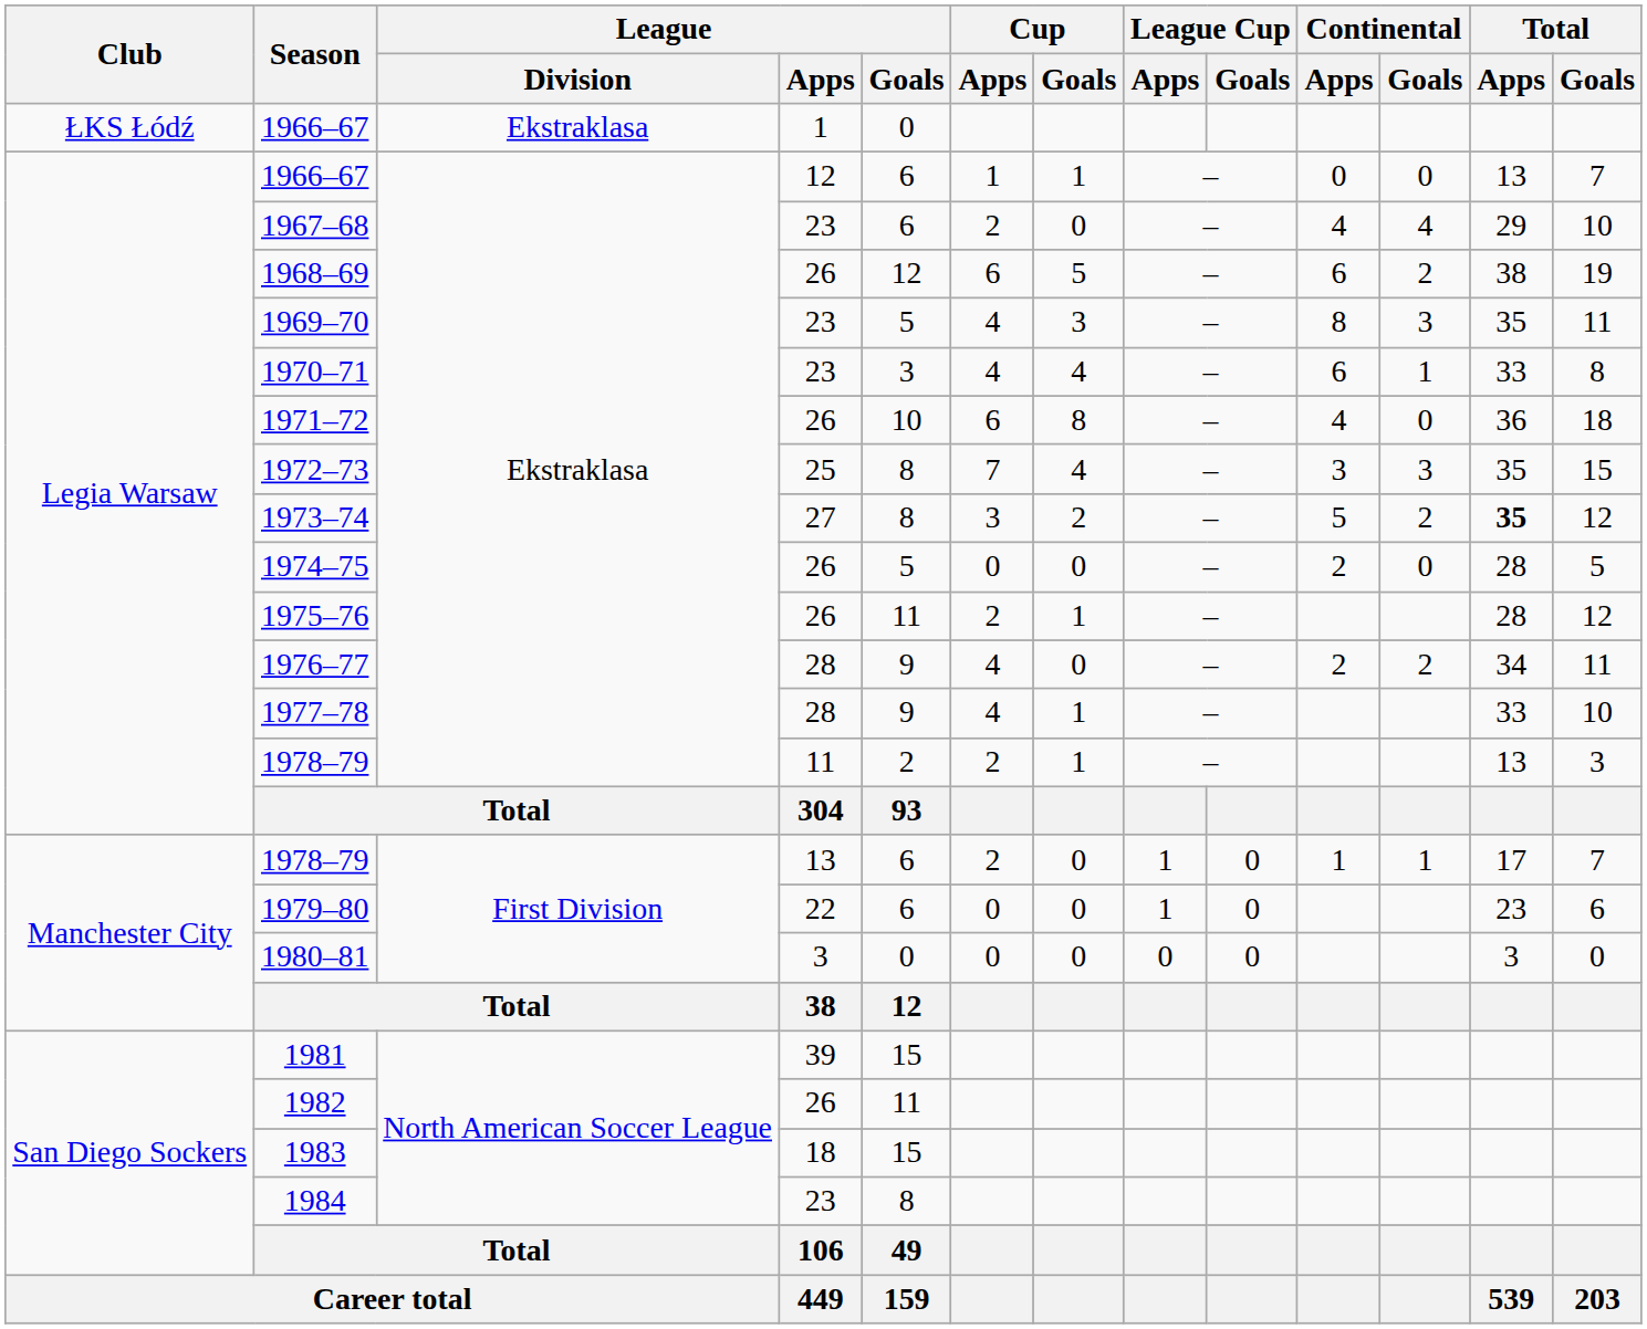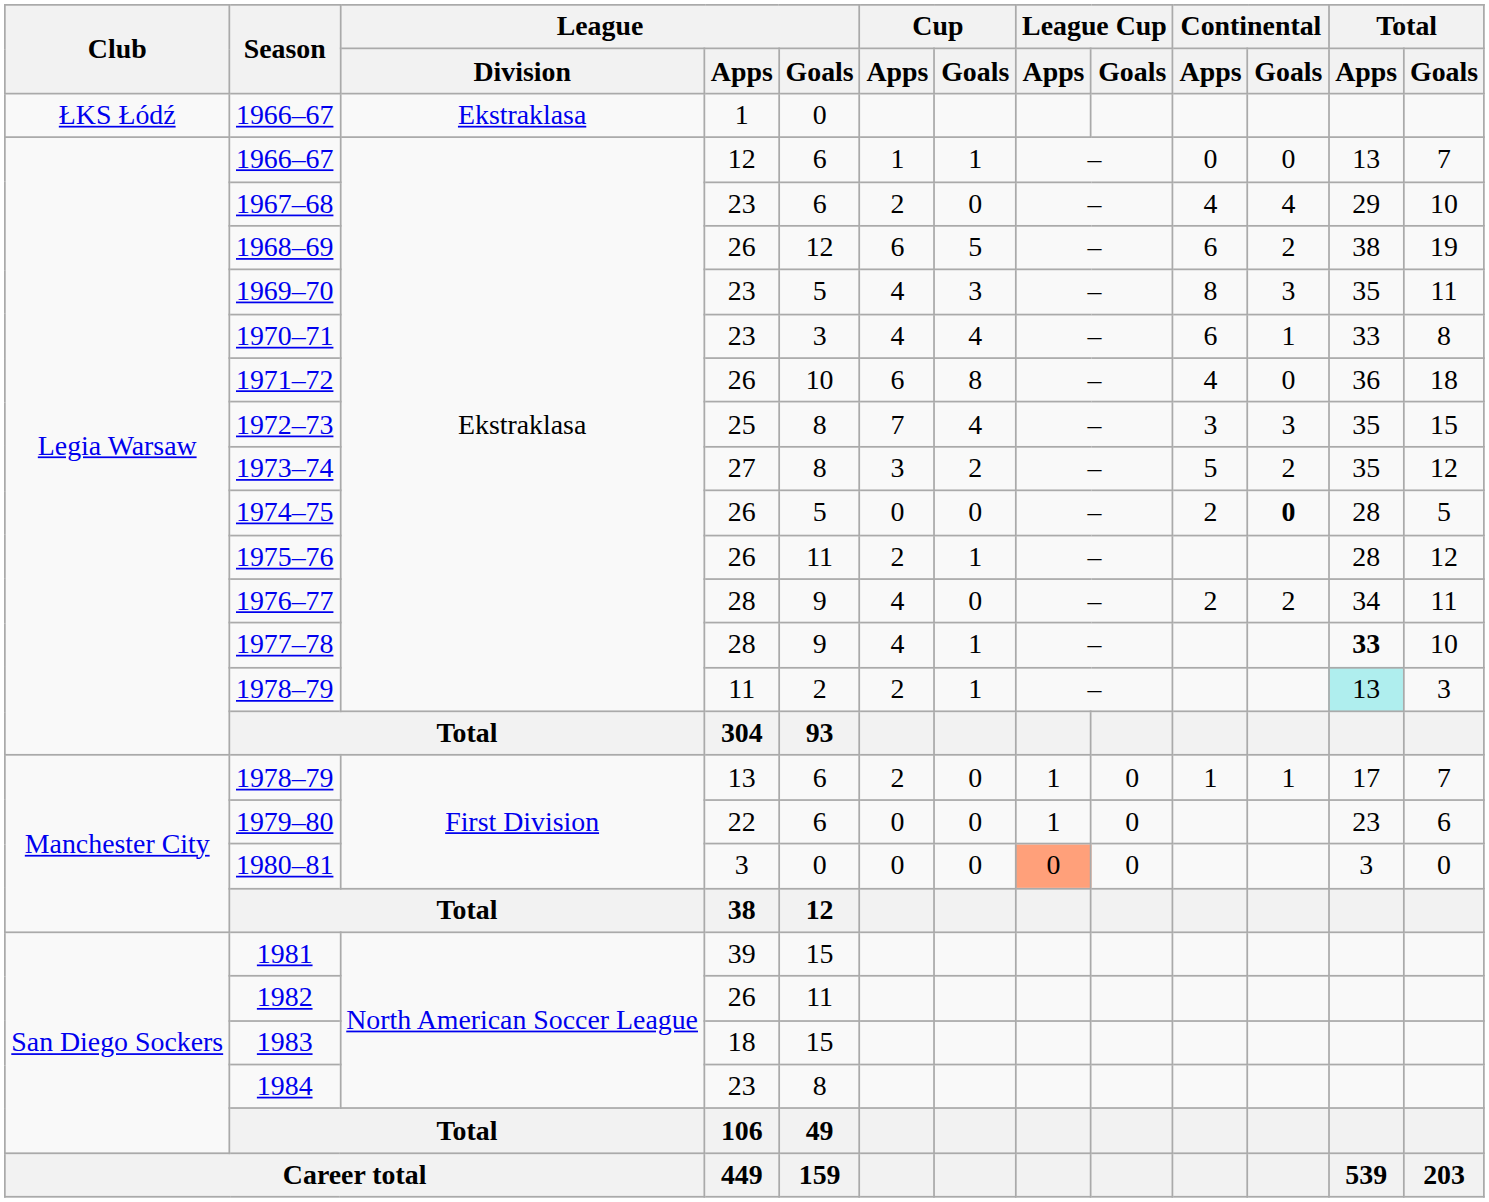 <table class="wikitable" style="text-align:center">
 <tr>
 <th rowspan="2">Club</th>
 <th rowspan="2">Season</th>
 <th colspan="3">League</th>
 <th colspan="2">Cup</th>
 <th colspan="2">League Cup</th>
 <th colspan="2">Continental</th>
 <th colspan="2">Total</th>
 </tr>
 <tr>
 <th>Division</th>
 <th>Apps</th>
 <th>Goals</th>
 <th>Apps</th>
 <th>Goals</th>
 <th>Apps</th>
 <th>Goals</th>
 <th>Apps</th>
 <th>Goals</th>
 <th>Apps</th>
 <th>Goals</th>
 </tr>
 <tr>
 <td><a href='#'>ŁKS Łódź</a></td>
 <td><a href='#'>1966–67</a></td>
 <td><a href='#'>Ekstraklasa</a></td>
 <td>1</td>
 <td>0</td>
 <td></td>
 <td></td>
 <td></td>
 <td></td>
 <td></td>
 <td></td>
 <td></td>
 <td></td>
 </tr>
 <tr>
 <td rowspan="14"><a href='#'>Legia Warsaw</a></td>
 <td><a href='#'>1966–67</a></td>
 <td rowspan="13">Ekstraklasa</td>
 <td>12</td>
 <td>6</td>
 <td>1</td>
 <td>1</td>
 <td colspan="2">–</td>
 <td>0</td>
 <td>0</td>
 <td>13</td>
 <td>7</td>
 </tr>
 <tr>
 <td><a href='#'>1967–68</a></td>
 <td>23</td>
 <td>6</td>
 <td>2</td>
 <td>0</td>
 <td colspan="2">–</td>
 <td>4</td>
 <td>4</td>
 <td>29</td>
 <td>10</td>
 </tr>
 <tr>
 <td><a href='#'>1968–69</a></td>
 <td>26</td>
 <td>12</td>
 <td>6</td>
 <td>5</td>
 <td colspan="2">–</td>
 <td>6</td>
 <td>2</td>
 <td>38</td>
 <td>19</td>
 </tr>
 <tr>
 <td><a href='#'>1969–70</a></td>
 <td>23</td>
 <td>5</td>
 <td>4</td>
 <td>3</td>
 <td colspan="2">–</td>
 <td>8</td>
 <td>3</td>
 <td>35</td>
 <td>11</td>
 </tr>
 <tr>
 <td><a href='#'>1970–71</a></td>
 <td>23</td>
 <td>3</td>
 <td>4</td>
 <td>4</td>
 <td colspan="2">–</td>
 <td>6</td>
 <td>1</td>
 <td>33</td>
 <td>8</td>
 </tr>
 <tr>
 <td><a href='#'>1971–72</a></td>
 <td>26</td>
 <td>10</td>
 <td>6</td>
 <td>8</td>
 <td colspan="2">–</td>
 <td>4</td>
 <td>0</td>
 <td>36</td>
 <td>18</td>
 </tr>
 <tr>
 <td><a href='#'>1972–73</a></td>
 <td>25</td>
 <td>8</td>
 <td>7</td>
 <td>4</td>
 <td colspan="2">–</td>
 <td>3</td>
 <td>3</td>
 <td>35</td>
 <td>15</td>
 </tr>
 <tr>
 <td><a href='#'>1973–74</a></td>
 <td>27</td>
 <td>8</td>
 <td>3</td>
 <td>2</td>
 <td colspan="2">–</td>
 <td>5</td>
 <td>2</td>
-<td><strong>35</strong></td>
+<td>35</td>
 <td>12</td>
 </tr>
 <tr>
 <td><a href='#'>1974–75</a></td>
 <td>26</td>
 <td>5</td>
 <td>0</td>
 <td>0</td>
 <td colspan="2">–</td>
 <td>2</td>
-<td>0</td>
+<td><strong>0</strong></td>
 <td>28</td>
 <td>5</td>
 </tr>
 <tr>
 <td><a href='#'>1975–76</a></td>
 <td>26</td>
 <td>11</td>
 <td>2</td>
 <td>1</td>
 <td colspan="2">–</td>
 <td></td>
 <td></td>
 <td>28</td>
 <td>12</td>
 </tr>
 <tr>
 <td><a href='#'>1976–77</a></td>
 <td>28</td>
 <td>9</td>
 <td>4</td>
 <td>0</td>
 <td colspan="2">–</td>
 <td>2</td>
 <td>2</td>
 <td>34</td>
 <td>11</td>
 </tr>
 <tr>
 <td><a href='#'>1977–78</a></td>
 <td>28</td>
 <td>9</td>
 <td>4</td>
 <td>1</td>
 <td colspan="2">–</td>
 <td></td>
 <td></td>
-<td>33</td>
+<td><strong>33</strong></td>
 <td>10</td>
 </tr>
 <tr>
 <td><a href='#'>1978–79</a></td>
 <td>11</td>
 <td>2</td>
 <td>2</td>
 <td>1</td>
 <td colspan="2">–</td>
 <td></td>
 <td></td>
-<td>13</td>
+<td style="background: paleturquoise;">13</td>
 <td>3</td>
 </tr>
 <tr>
 <th colspan="2">Total</th>
 <th>304</th>
 <th>93</th>
 <th></th>
 <th></th>
 <th></th>
 <th></th>
 <th></th>
 <th></th>
 <th></th>
 <th></th>
 </tr>
 <tr>
 <td rowspan="4"><a href='#'>Manchester City</a></td>
 <td><a href='#'>1978–79</a></td>
 <td rowspan="3"><a href='#'>First Division</a></td>
 <td>13</td>
 <td>6</td>
 <td>2</td>
 <td>0</td>
 <td>1</td>
 <td>0</td>
 <td>1</td>
 <td>1</td>
 <td>17</td>
 <td>7</td>
 </tr>
 <tr>
 <td><a href='#'>1979–80</a></td>
 <td>22</td>
 <td>6</td>
 <td>0</td>
 <td>0</td>
 <td>1</td>
 <td>0</td>
 <td></td>
 <td></td>
 <td>23</td>
 <td>6</td>
 </tr>
 <tr>
 <td><a href='#'>1980–81</a></td>
 <td>3</td>
 <td>0</td>
 <td>0</td>
 <td>0</td>
-<td>0</td>
+<td style="background: lightsalmon;">0</td>
 <td>0</td>
 <td></td>
 <td></td>
 <td>3</td>
 <td>0</td>
 </tr>
 <tr>
 <th colspan="2">Total</th>
 <th>38</th>
 <th>12</th>
 <th></th>
 <th></th>
 <th></th>
 <th></th>
 <th></th>
 <th></th>
 <th></th>
 <th></th>
 </tr>
 <tr>
 <td rowspan="5"><a href='#'>San Diego Sockers</a></td>
 <td><a href='#'>1981</a></td>
 <td rowspan="4"><a href='#'>North American Soccer League</a></td>
 <td>39</td>
 <td>15</td>
 <td></td>
 <td></td>
 <td></td>
 <td></td>
 <td></td>
 <td></td>
 <td></td>
 <td></td>
 </tr>
 <tr>
 <td><a href='#'>1982</a></td>
 <td>26</td>
 <td>11</td>
 <td></td>
 <td></td>
 <td></td>
 <td></td>
 <td></td>
 <td></td>
 <td></td>
 <td></td>
 </tr>
 <tr>
 <td><a href='#'>1983</a></td>
 <td>18</td>
 <td>15</td>
 <td></td>
 <td></td>
 <td></td>
 <td></td>
 <td></td>
 <td></td>
 <td></td>
 <td></td>
 </tr>
 <tr>
 <td><a href='#'>1984</a></td>
 <td>23</td>
 <td>8</td>
 <td></td>
 <td></td>
 <td></td>
 <td></td>
 <td></td>
 <td></td>
 <td></td>
 <td></td>
 </tr>
 <tr>
 <th colspan="2">Total</th>
 <th>106</th>
 <th>49</th>
 <th></th>
 <th></th>
 <th></th>
 <th></th>
 <th></th>
 <th></th>
 <th></th>
 <th></th>
 </tr>
 <tr>
 <th colspan="3">Career total</th>
 <th>449</th>
 <th>159</th>
 <th></th>
 <th></th>
 <th></th>
 <th></th>
 <th></th>
 <th></th>
 <th>539</th>
 <th>203</th>
 </tr>
 </table>
